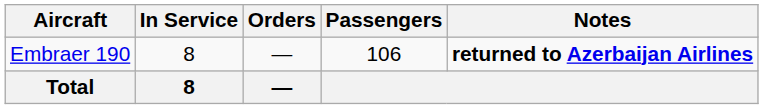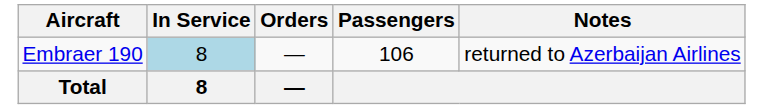 <table class="wikitable" style="border-collapse:collapse;text-align:center;margin:auto;">
 <tr>
 <th>Aircraft</th>
 <th>In Service</th>
 <th>Orders</th>
 <th>Passengers</th>
 <th>Notes</th>
 </tr>
 <tr>
 <td><a href='#'>Embraer 190</a></td>
-<td>8</td>
+<td style="background: lightblue;">8</td>
 <td>—</td>
 <td>106</td>
-<td><strong>returned to <a href='#'>Azerbaijan Airlines</a></strong></td>
+<td>returned to <a href='#'>Azerbaijan Airlines</a></td>
 </tr>
 <tr>
 <th>Total</th>
 <th>8</th>
 <th>—</th>
 <th colspan="3"></th>
 </tr>
 </table>
